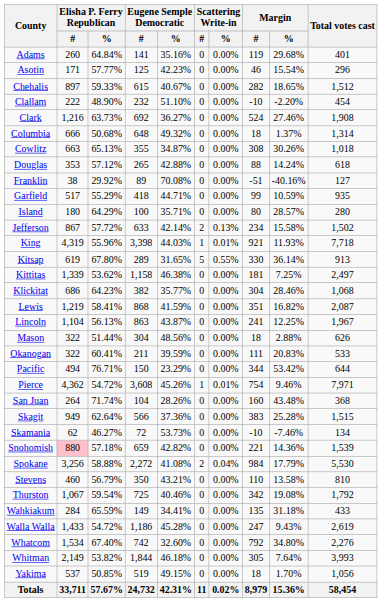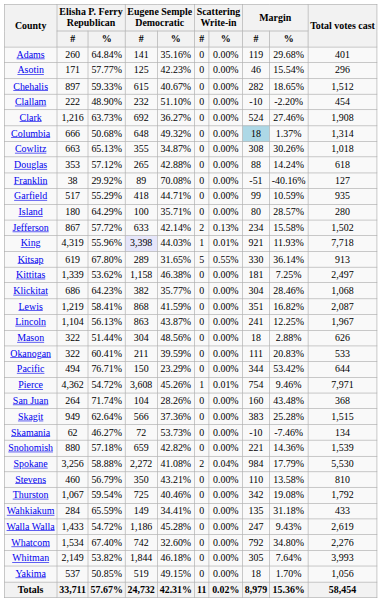 <table class="wikitable sortable">
 <tr>
 <th style="text-align:center;" rowspan="2">County</th>
 <th style="text-align:center;" colspan="2">Elisha P. Ferry<br>Republican</th>
 <th style="text-align:center;" colspan="2">Eugene Semple<br>Democratic</th>
 <th style="text-align:center;" colspan="2">Scattering<br>Write-in</th>
 <th style="text-align:center;" colspan="2">Margin</th>
 <th style="text-align:center;" rowspan="2">Total votes cast</th>
 </tr>
 <tr bgcolor="lightgrey">
 <th style="text-align:center;" data-sort-type="number">#</th>
 <th style="text-align:center;" data-sort-type="number">%</th>
 <th style="text-align:center;" data-sort-type="number">#</th>
 <th style="text-align:center;" data-sort-type="number">%</th>
 <th style="text-align:center;" data-sort-type="number">#</th>
 <th style="text-align:center;" data-sort-type="number">%</th>
 <th style="text-align:center;" data-sort-type="number">#</th>
 <th style="text-align:center;" data-sort-type="number">%</th>
 </tr>
 <tr style="text-align:center;">
 <td><a href='#'>Adams</a></td>
 <td>260</td>
 <td>64.84%</td>
 <td>141</td>
 <td>35.16%</td>
 <td>0</td>
 <td>0.00%</td>
 <td>119</td>
 <td>29.68%</td>
 <td>401</td>
 </tr>
 <tr style="text-align:center;">
 <td><a href='#'>Asotin</a></td>
 <td>171</td>
 <td>57.77%</td>
 <td>125</td>
 <td>42.23%</td>
 <td>0</td>
 <td>0.00%</td>
 <td>46</td>
 <td>15.54%</td>
 <td>296</td>
 </tr>
 <tr style="text-align:center;">
 <td><a href='#'>Chehalis</a></td>
 <td>897</td>
 <td>59.33%</td>
 <td>615</td>
 <td>40.67%</td>
 <td>0</td>
 <td>0.00%</td>
 <td>282</td>
 <td>18.65%</td>
 <td>1,512</td>
 </tr>
 <tr style="text-align:center;">
 <td><a href='#'>Clallam</a></td>
 <td>222</td>
 <td>48.90%</td>
 <td>232</td>
 <td>51.10%</td>
 <td>0</td>
 <td>0.00%</td>
 <td>-10</td>
 <td>-2.20%</td>
 <td>454</td>
 </tr>
 <tr style="text-align:center;">
 <td><a href='#'>Clark</a></td>
 <td>1,216</td>
 <td>63.73%</td>
 <td>692</td>
 <td>36.27%</td>
 <td>0</td>
 <td>0.00%</td>
 <td>524</td>
 <td>27.46%</td>
 <td>1,908</td>
 </tr>
 <tr style="text-align:center;">
 <td><a href='#'>Columbia</a></td>
 <td>666</td>
 <td>50.68%</td>
 <td>648</td>
 <td>49.32%</td>
 <td>0</td>
 <td>0.00%</td>
-<td>18</td>
+<td style="background: lightblue;">18</td>
 <td>1.37%</td>
 <td>1,314</td>
 </tr>
 <tr style="text-align:center;">
 <td><a href='#'>Cowlitz</a></td>
 <td>663</td>
 <td>65.13%</td>
 <td>355</td>
 <td>34.87%</td>
 <td>0</td>
 <td>0.00%</td>
 <td>308</td>
 <td>30.26%</td>
 <td>1,018</td>
 </tr>
 <tr style="text-align:center;">
 <td><a href='#'>Douglas</a></td>
 <td>353</td>
 <td>57.12%</td>
 <td>265</td>
 <td>42.88%</td>
 <td>0</td>
 <td>0.00%</td>
 <td>88</td>
 <td>14.24%</td>
 <td>618</td>
 </tr>
 <tr style="text-align:center;">
 <td><a href='#'>Franklin</a></td>
 <td>38</td>
 <td>29.92%</td>
 <td>89</td>
 <td>70.08%</td>
 <td>0</td>
 <td>0.00%</td>
 <td>-51</td>
 <td>-40.16%</td>
 <td>127</td>
 </tr>
 <tr style="text-align:center;">
 <td><a href='#'>Garfield</a></td>
 <td>517</td>
 <td>55.29%</td>
 <td>418</td>
 <td>44.71%</td>
 <td>0</td>
 <td>0.00%</td>
 <td>99</td>
 <td>10.59%</td>
 <td>935</td>
 </tr>
 <tr style="text-align:center;">
 <td><a href='#'>Island</a></td>
 <td>180</td>
 <td>64.29%</td>
 <td>100</td>
 <td>35.71%</td>
 <td>0</td>
 <td>0.00%</td>
 <td>80</td>
 <td>28.57%</td>
 <td>280</td>
 </tr>
 <tr style="text-align:center;">
 <td><a href='#'>Jefferson</a></td>
 <td>867</td>
 <td>57.72%</td>
 <td>633</td>
 <td>42.14%</td>
 <td>2</td>
 <td>0.13%</td>
 <td>234</td>
 <td>15.58%</td>
 <td>1,502</td>
 </tr>
 <tr style="text-align:center;">
 <td><a href='#'>King</a></td>
 <td>4,319</td>
 <td>55.96%</td>
-<td>3,398</td>
+<td style="background: lavender;">3,398</td>
 <td>44.03%</td>
 <td>1</td>
 <td>0.01%</td>
 <td>921</td>
 <td>11.93%</td>
 <td>7,718</td>
 </tr>
 <tr style="text-align:center;">
 <td><a href='#'>Kitsap</a></td>
 <td>619</td>
 <td>67.80%</td>
 <td>289</td>
 <td>31.65%</td>
 <td>5</td>
 <td>0.55%</td>
 <td>330</td>
 <td>36.14%</td>
 <td>913</td>
 </tr>
 <tr style="text-align:center;">
 <td><a href='#'>Kittitas</a></td>
 <td>1,339</td>
 <td>53.62%</td>
 <td>1,158</td>
 <td>46.38%</td>
 <td>0</td>
 <td>0.00%</td>
 <td>181</td>
 <td>7.25%</td>
 <td>2,497</td>
 </tr>
 <tr style="text-align:center;">
 <td><a href='#'>Klickitat</a></td>
 <td>686</td>
 <td>64.23%</td>
 <td>382</td>
 <td>35.77%</td>
 <td>0</td>
 <td>0.00%</td>
 <td>304</td>
 <td>28.46%</td>
 <td>1,068</td>
 </tr>
 <tr style="text-align:center;">
 <td><a href='#'>Lewis</a></td>
 <td>1,219</td>
 <td>58.41%</td>
 <td>868</td>
 <td>41.59%</td>
 <td>0</td>
 <td>0.00%</td>
 <td>351</td>
 <td>16.82%</td>
 <td>2,087</td>
 </tr>
 <tr style="text-align:center;">
 <td><a href='#'>Lincoln</a></td>
 <td>1,104</td>
 <td>56.13%</td>
 <td>863</td>
 <td>43.87%</td>
 <td>0</td>
 <td>0.00%</td>
 <td>241</td>
 <td>12.25%</td>
 <td>1,967</td>
 </tr>
 <tr style="text-align:center;">
 <td><a href='#'>Mason</a></td>
 <td>322</td>
 <td>51.44%</td>
 <td>304</td>
 <td>48.56%</td>
 <td>0</td>
 <td>0.00%</td>
 <td>18</td>
 <td>2.88%</td>
 <td>626</td>
 </tr>
 <tr style="text-align:center;">
 <td><a href='#'>Okanogan</a></td>
 <td>322</td>
 <td>60.41%</td>
 <td>211</td>
 <td>39.59%</td>
 <td>0</td>
 <td>0.00%</td>
 <td>111</td>
 <td>20.83%</td>
 <td>533</td>
 </tr>
 <tr style="text-align:center;">
 <td><a href='#'>Pacific</a></td>
 <td>494</td>
 <td>76.71%</td>
 <td>150</td>
 <td>23.29%</td>
 <td>0</td>
 <td>0.00%</td>
 <td>344</td>
 <td>53.42%</td>
 <td>644</td>
 </tr>
 <tr style="text-align:center;">
 <td><a href='#'>Pierce</a></td>
 <td>4,362</td>
 <td>54.72%</td>
 <td>3,608</td>
 <td>45.26%</td>
 <td>1</td>
 <td>0.01%</td>
 <td>754</td>
 <td>9.46%</td>
 <td>7,971</td>
 </tr>
 <tr style="text-align:center;">
 <td><a href='#'>San Juan</a></td>
 <td>264</td>
 <td>71.74%</td>
 <td>104</td>
 <td>28.26%</td>
 <td>0</td>
 <td>0.00%</td>
 <td>160</td>
 <td>43.48%</td>
 <td>368</td>
 </tr>
 <tr style="text-align:center;">
 <td><a href='#'>Skagit</a></td>
 <td>949</td>
 <td>62.64%</td>
 <td>566</td>
 <td>37.36%</td>
 <td>0</td>
 <td>0.00%</td>
 <td>383</td>
 <td>25.28%</td>
 <td>1,515</td>
 </tr>
 <tr style="text-align:center;">
 <td><a href='#'>Skamania</a></td>
 <td>62</td>
 <td>46.27%</td>
 <td>72</td>
 <td>53.73%</td>
 <td>0</td>
 <td>0.00%</td>
 <td>-10</td>
 <td>-7.46%</td>
 <td>134</td>
 </tr>
 <tr style="text-align:center;">
 <td><a href='#'>Snohomish</a></td>
-<td style="background: pink;">880</td>
+<td>880</td>
 <td>57.18%</td>
 <td>659</td>
 <td>42.82%</td>
 <td>0</td>
 <td>0.00%</td>
 <td>221</td>
 <td>14.36%</td>
 <td>1,539</td>
 </tr>
 <tr style="text-align:center;">
 <td><a href='#'>Spokane</a></td>
 <td>3,256</td>
 <td>58.88%</td>
 <td>2,272</td>
 <td>41.08%</td>
 <td>2</td>
 <td>0.04%</td>
 <td>984</td>
 <td>17.79%</td>
 <td>5,530</td>
 </tr>
 <tr style="text-align:center;">
 <td><a href='#'>Stevens</a></td>
 <td>460</td>
 <td>56.79%</td>
 <td>350</td>
 <td>43.21%</td>
 <td>0</td>
 <td>0.00%</td>
 <td>110</td>
 <td>13.58%</td>
 <td>810</td>
 </tr>
 <tr style="text-align:center;">
 <td><a href='#'>Thurston</a></td>
 <td>1,067</td>
 <td>59.54%</td>
 <td>725</td>
 <td>40.46%</td>
 <td>0</td>
 <td>0.00%</td>
 <td>342</td>
 <td>19.08%</td>
 <td>1,792</td>
 </tr>
 <tr style="text-align:center;">
 <td><a href='#'>Wahkiakum</a></td>
 <td>284</td>
 <td>65.59%</td>
 <td>149</td>
 <td>34.41%</td>
 <td>0</td>
 <td>0.00%</td>
 <td>135</td>
 <td>31.18%</td>
 <td>433</td>
 </tr>
 <tr style="text-align:center;">
 <td><a href='#'>Walla Walla</a></td>
 <td>1,433</td>
 <td>54.72%</td>
 <td>1,186</td>
 <td>45.28%</td>
 <td>0</td>
 <td>0.00%</td>
 <td>247</td>
 <td>9.43%</td>
 <td>2,619</td>
 </tr>
 <tr style="text-align:center;">
 <td><a href='#'>Whatcom</a></td>
 <td>1,534</td>
 <td>67.40%</td>
 <td>742</td>
 <td>32.60%</td>
 <td>0</td>
 <td>0.00%</td>
 <td>792</td>
 <td>34.80%</td>
 <td>2,276</td>
 </tr>
 <tr style="text-align:center;">
 <td><a href='#'>Whitman</a></td>
 <td>2,149</td>
 <td>53.82%</td>
 <td>1,844</td>
 <td>46.18%</td>
 <td>0</td>
 <td>0.00%</td>
 <td>305</td>
 <td>7.64%</td>
 <td>3,993</td>
 </tr>
 <tr style="text-align:center;">
 <td><a href='#'>Yakima</a></td>
 <td>537</td>
 <td>50.85%</td>
 <td>519</td>
 <td>49.15%</td>
 <td>0</td>
 <td>0.00%</td>
 <td>18</td>
 <td>1.70%</td>
 <td>1,056</td>
 </tr>
 <tr>
 <th>Totals</th>
 <th>33,711</th>
 <th>57.67%</th>
 <th>24,732</th>
 <th>42.31%</th>
 <th>11</th>
 <th>0.02%</th>
 <th>8,979</th>
 <th>15.36%</th>
 <th>58,454</th>
 </tr>
 </table>
